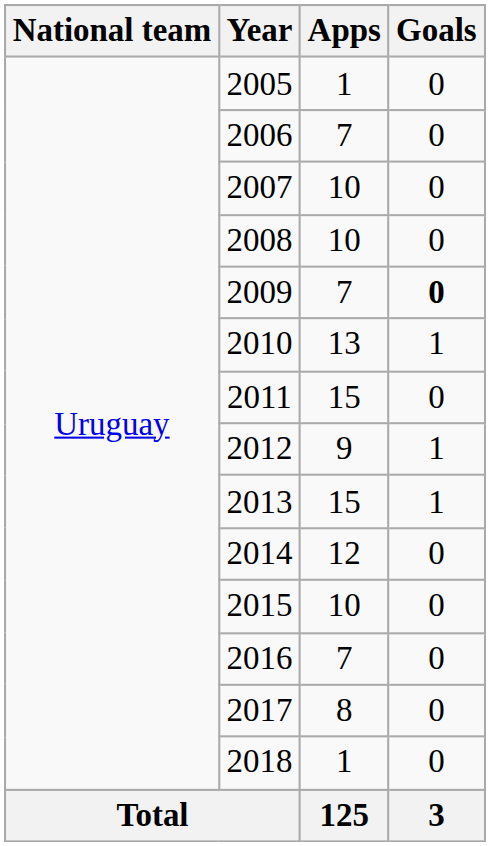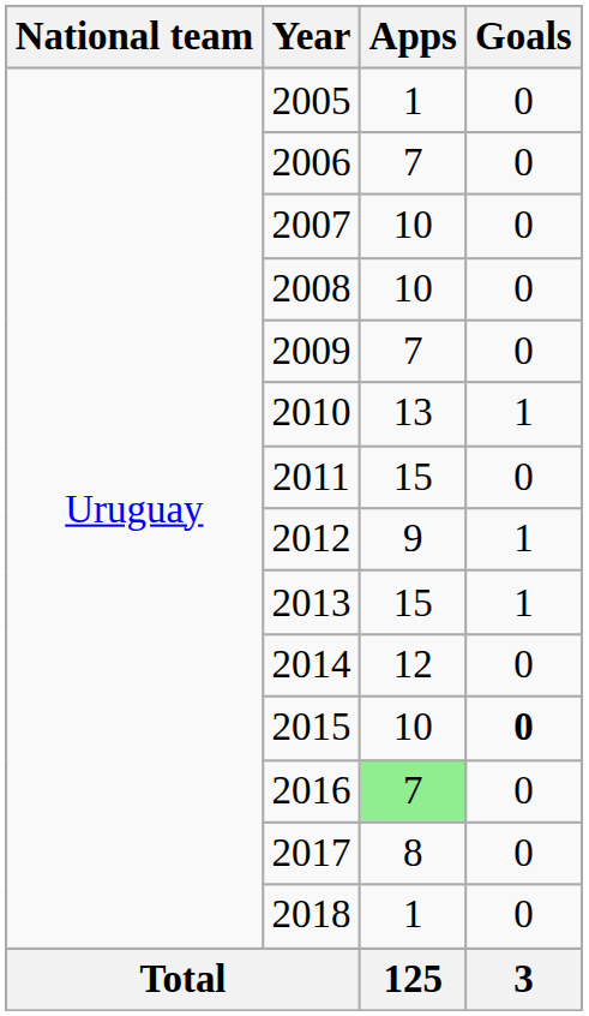 <table class="wikitable" style="text-align:center">
 <tr>
 <th>National team</th>
 <th>Year</th>
 <th>Apps</th>
 <th>Goals</th>
 </tr>
 <tr>
 <td rowspan=14 valign="center"><a href='#'>Uruguay</a></td>
 <td>2005</td>
 <td>1</td>
 <td>0</td>
 </tr>
 <tr>
 <td>2006</td>
 <td>7</td>
 <td>0</td>
 </tr>
 <tr>
 <td>2007</td>
 <td>10</td>
 <td>0</td>
 </tr>
 <tr>
 <td>2008</td>
 <td>10</td>
 <td>0</td>
 </tr>
 <tr>
 <td>2009</td>
 <td>7</td>
-<td><strong>0</strong></td>
+<td>0</td>
 </tr>
 <tr>
 <td>2010</td>
 <td>13</td>
 <td>1</td>
 </tr>
 <tr>
 <td>2011</td>
 <td>15</td>
 <td>0</td>
 </tr>
 <tr>
 <td>2012</td>
 <td>9</td>
 <td>1</td>
 </tr>
 <tr>
 <td>2013</td>
 <td>15</td>
 <td>1</td>
 </tr>
 <tr>
 <td>2014</td>
 <td>12</td>
 <td>0</td>
 </tr>
 <tr>
 <td>2015</td>
 <td>10</td>
-<td>0</td>
+<td><strong>0</strong></td>
 </tr>
 <tr>
 <td>2016</td>
-<td>7</td>
+<td style="background: lightgreen;">7</td>
 <td>0</td>
 </tr>
 <tr>
 <td>2017</td>
 <td>8</td>
 <td>0</td>
 </tr>
 <tr>
 <td>2018</td>
 <td>1</td>
 <td>0</td>
 </tr>
 <tr>
 <th colspan=2>Total</th>
 <th>125</th>
 <th>3</th>
 </tr>
 </table>
